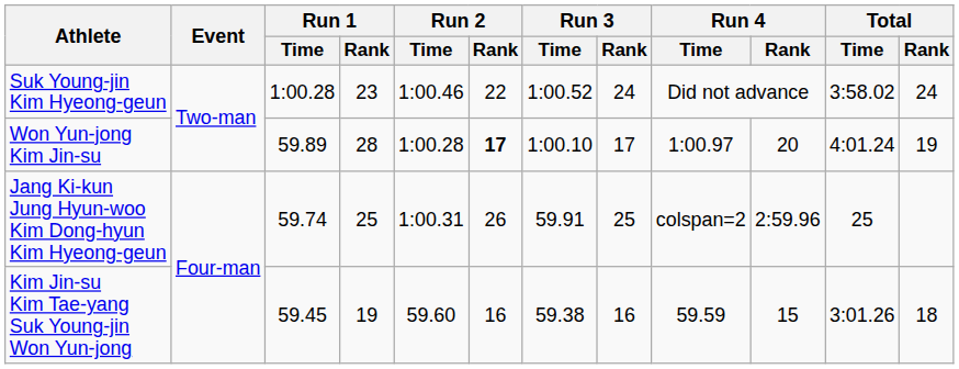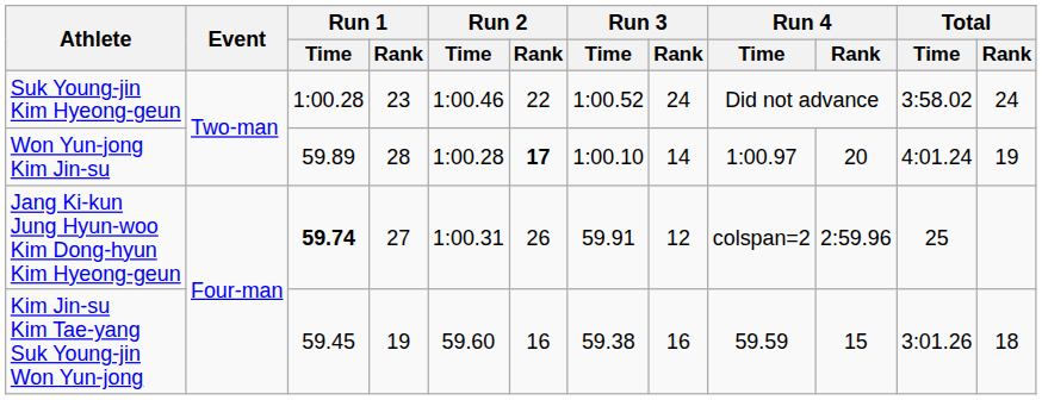 <table class=wikitable style=text-align:center;font-size:90%>
 <tr>
 <th rowspan=2>Athlete</th>
 <th rowspan=2>Event</th>
 <th colspan=2>Run 1</th>
 <th colspan=2>Run 2</th>
 <th colspan=2>Run 3</th>
 <th colspan=2>Run 4</th>
 <th colspan=2>Total</th>
 </tr>
 <tr style=font-size:95%>
 <th>Time</th>
 <th>Rank</th>
 <th>Time</th>
 <th>Rank</th>
 <th>Time</th>
 <th>Rank</th>
 <th>Time</th>
 <th>Rank</th>
 <th>Time</th>
 <th>Rank</th>
 </tr>
 <tr>
 <td align=left><a href='#'>Suk Young-jin</a><br><a href='#'>Kim Hyeong-geun</a></td>
 <td align=left rowspan=2><a href='#'>Two-man</a></td>
 <td>1:00.28</td>
 <td>23</td>
 <td>1:00.46</td>
 <td>22</td>
 <td>1:00.52</td>
 <td>24</td>
 <td colspan="2">Did not advance</td>
 <td>3:58.02</td>
 <td>24</td>
 </tr>
 <tr>
 <td align=left><a href='#'>Won Yun-jong</a><br><a href='#'>Kim Jin-su</a></td>
 <td>59.89</td>
 <td>28</td>
 <td>1:00.28</td>
 <td><strong>17</strong></td>
 <td>1:00.10</td>
-<td>17</td>
+<td>14</td>
 <td>1:00.97</td>
 <td>20</td>
 <td>4:01.24</td>
 <td>19</td>
 </tr>
 <tr>
 <td align=left><a href='#'>Jang Ki-kun</a><br><a href='#'>Jung Hyun-woo</a><br><a href='#'>Kim Dong-hyun</a><br><a href='#'>Kim Hyeong-geun</a></td>
 <td align=left rowspan=2><a href='#'>Four-man</a></td>
-<td>59.74</td>
-<td>25</td>
+<td><strong>59.74</strong></td>
+<td>27</td>
 <td>1:00.31</td>
 <td>26</td>
 <td>59.91</td>
-<td>25</td>
+<td>12</td>
 <td>colspan=2 </td>
 <td>2:59.96</td>
 <td>25</td>
 </tr>
 <tr>
 <td align=left><a href='#'>Kim Jin-su</a><br><a href='#'>Kim Tae-yang</a><br><a href='#'>Suk Young-jin</a><br><a href='#'>Won Yun-jong</a></td>
 <td>59.45</td>
 <td>19</td>
 <td>59.60</td>
 <td>16</td>
 <td>59.38</td>
 <td>16</td>
 <td>59.59</td>
 <td>15</td>
 <td>3:01.26</td>
 <td>18</td>
 </tr>
 </table>
